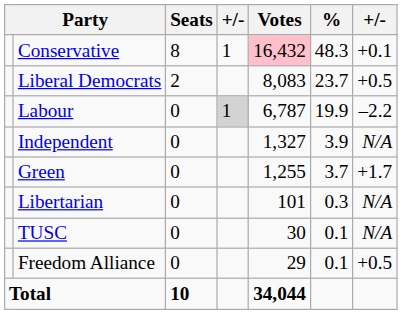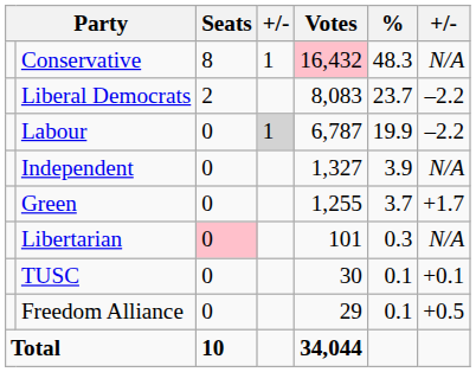 <table class="wikitable sortable">
 <tr>
 <th colspan="2">Party</th>
 <th>Seats</th>
 <th>+/-</th>
 <th>Votes</th>
 <th>%</th>
 <th>+/-</th>
 </tr>
 <tr>
 <td style="background-color: "></td>
 <td><a href='#'>Conservative</a></td>
 <td>8</td>
 <td> 1</td>
 <td style="background: pink; text-align:right;">16,432</td>
 <td style="text-align:right;">48.3</td>
-<td style="text-align:right;">+0.1</td>
+<td style="text-align:right;"><em>N/A</em></td>
 </tr>
 <tr>
 <td style="background-color: "></td>
 <td><a href='#'>Liberal Democrats</a></td>
 <td>2</td>
 <td></td>
 <td style="text-align:right;">8,083</td>
 <td style="text-align:right;">23.7</td>
-<td style="text-align:right;">+0.5</td>
+<td style="text-align:right;">–2.2</td>
 </tr>
 <tr>
 <td style="background-color: "></td>
 <td><a href='#'>Labour</a></td>
 <td>0</td>
 <td style="background: lightgrey;"> 1</td>
 <td style="text-align:right;">6,787</td>
 <td style="text-align:right;">19.9</td>
 <td style="text-align:right;">–2.2</td>
 </tr>
 <tr>
 <td style="background-color: "></td>
 <td><a href='#'>Independent</a></td>
 <td>0</td>
 <td></td>
 <td style="text-align:right;">1,327</td>
 <td style="text-align:right;">3.9</td>
 <td style="text-align:right;"><em>N/A</em></td>
 </tr>
 <tr>
 <td style="background-color: "></td>
 <td><a href='#'>Green</a></td>
 <td>0</td>
 <td></td>
 <td style="text-align:right;">1,255</td>
 <td style="text-align:right;">3.7</td>
 <td style="text-align:right;">+1.7</td>
 </tr>
 <tr>
 <td style="background-color: "></td>
 <td><a href='#'>Libertarian</a></td>
-<td>0</td>
+<td style="background: pink;">0</td>
 <td></td>
 <td style="text-align:right;">101</td>
 <td style="text-align:right;">0.3</td>
 <td style="text-align:right;"><em>N/A</em></td>
 </tr>
 <tr>
 <td style="background-color: "></td>
 <td><a href='#'>TUSC</a></td>
 <td>0</td>
 <td></td>
 <td style="text-align:right;">30</td>
 <td style="text-align:right;">0.1</td>
-<td style="text-align:right;"><em>N/A</em></td>
+<td style="text-align:right;">+0.1</td>
 </tr>
 <tr>
 <td style="background-color: "></td>
 <td>Freedom Alliance</td>
 <td>0</td>
 <td></td>
 <td style="text-align:right;">29</td>
 <td style="text-align:right;">0.1</td>
 <td style="text-align:right;">+0.5</td>
 </tr>
 <tr>
 <td colspan="2"><strong>Total</strong></td>
 <td><strong>10</strong></td>
 <td></td>
 <td style="text-align:right;"><strong>34,044</strong></td>
 <td style="text-align:right;"></td>
 <td style="text-align:right;"></td>
 </tr>
 </table>
